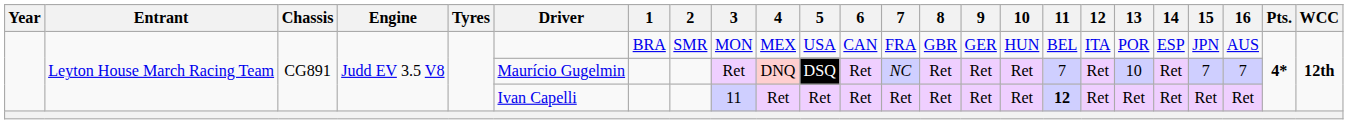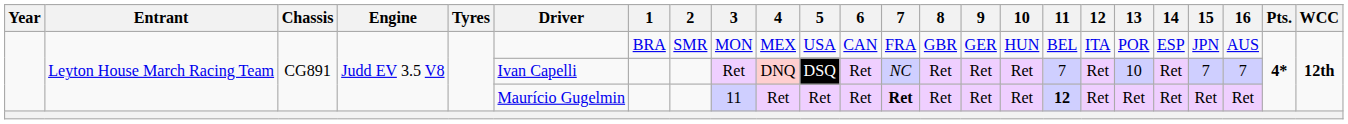 <table class="wikitable" style="text-align:center; font-size:90%">
 <tr>
 <th>Year</th>
 <th>Entrant</th>
 <th>Chassis</th>
 <th>Engine</th>
 <th>Tyres</th>
 <th>Driver</th>
 <th>1</th>
 <th>2</th>
 <th>3</th>
 <th>4</th>
 <th>5</th>
 <th>6</th>
 <th>7</th>
 <th>8</th>
 <th>9</th>
 <th>10</th>
 <th>11</th>
 <th>12</th>
 <th>13</th>
 <th>14</th>
 <th>15</th>
 <th>16</th>
 <th>Pts.</th>
 <th>WCC</th>
 </tr>
 <tr>
 <td rowspan=3></td>
 <td rowspan=3><a href='#'>Leyton House March Racing Team</a></td>
 <td rowspan=3>CG891</td>
 <td rowspan=3><a href='#'>Judd EV</a> 3.5 <a href='#'>V8</a></td>
 <td rowspan=3></td>
 <td></td>
 <td><a href='#'>BRA</a></td>
 <td><a href='#'>SMR</a></td>
 <td><a href='#'>MON</a></td>
 <td><a href='#'>MEX</a></td>
 <td><a href='#'>USA</a></td>
 <td><a href='#'>CAN</a></td>
 <td><a href='#'>FRA</a></td>
 <td><a href='#'>GBR</a></td>
 <td><a href='#'>GER</a></td>
 <td><a href='#'>HUN</a></td>
 <td><a href='#'>BEL</a></td>
 <td><a href='#'>ITA</a></td>
 <td><a href='#'>POR</a></td>
 <td><a href='#'>ESP</a></td>
 <td><a href='#'>JPN</a></td>
 <td><a href='#'>AUS</a></td>
 <td rowspan="3"><strong>4*</strong></td>
 <td rowspan="3"><strong>12th</strong></td>
 </tr>
 <tr>
-<td align="left"><a href='#'>Maurício Gugelmin</a></td>
+<td align="left"><a href='#'>Ivan Capelli</a></td>
 <td></td>
 <td></td>
 <td style="background:#EFCFFF;">Ret</td>
 <td style="background:#FFCFCF;">DNQ</td>
 <td style="background:#000000; color:white">DSQ</td>
 <td style="background:#EFCFFF;">Ret</td>
 <td style="background:#CFCFFF;"><em>NC</em></td>
 <td style="background:#EFCFFF;">Ret</td>
 <td style="background:#EFCFFF;">Ret</td>
 <td style="background:#EFCFFF;">Ret</td>
 <td style="background:#CFCFFF;">7</td>
 <td style="background:#EFCFFF;">Ret</td>
 <td style="background:#CFCFFF;">10</td>
 <td style="background:#EFCFFF;">Ret</td>
 <td style="background:#CFCFFF;">7</td>
 <td style="background:#CFCFFF;">7</td>
 </tr>
 <tr>
-<td align="left"><a href='#'>Ivan Capelli</a></td>
+<td align="left"><a href='#'>Maurício Gugelmin</a></td>
 <td></td>
 <td></td>
 <td style="background:#CFCFFF;">11</td>
 <td style="background:#EFCFFF;">Ret</td>
 <td style="background:#EFCFFF;">Ret</td>
 <td style="background:#EFCFFF;">Ret</td>
-<td style="background:#EFCFFF;">Ret</td>
+<td style="background:#EFCFFF;"><strong>Ret</strong></td>
 <td style="background:#EFCFFF;">Ret</td>
 <td style="background:#EFCFFF;">Ret</td>
 <td style="background:#EFCFFF;">Ret</td>
 <td style="background:#CFCFFF;"><strong>12</strong></td>
 <td style="background:#EFCFFF;">Ret</td>
 <td style="background:#EFCFFF;">Ret</td>
 <td style="background:#EFCFFF;">Ret</td>
 <td style="background:#EFCFFF;">Ret</td>
 <td style="background:#EFCFFF;">Ret</td>
 </tr>
 <tr>
 <th colspan="24"></th>
 </tr>
 </table>
